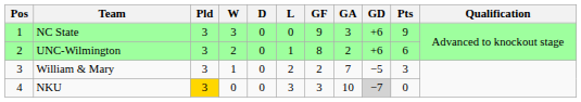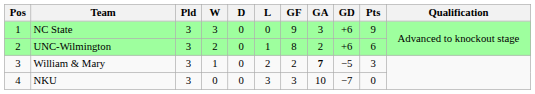 <table class="wikitable" style="text-align:center; margin: 1em auto">
 <tr>
 <th style="width:2em">Pos</th>
 <th style="width:13em">Team</th>
 <th style="width:2em">Pld</th>
 <th style="width:2em">W</th>
 <th style="width:2em">D</th>
 <th style="width:2em">L</th>
 <th style="width:2em">GF</th>
 <th style="width:2em">GA</th>
 <th style="width:2em">GD</th>
 <th style="width:2em">Pts</th>
 <th style="width:13em">Qualification</th>
 </tr>
 <tr bgcolor="#9eff9e">
 <td>1</td>
 <td style="text-align:left">NC State</td>
 <td>3</td>
 <td>3</td>
 <td>0</td>
 <td>0</td>
 <td>9</td>
 <td>3</td>
 <td>+6</td>
 <td>9</td>
 <td rowspan="2">Advanced to knockout stage</td>
 </tr>
 <tr bgcolor="#9eff9e">
 <td>2</td>
 <td style="text-align:left">UNC-Wilmington</td>
 <td>3</td>
 <td>2</td>
 <td>0</td>
 <td>1</td>
 <td>8</td>
 <td>2</td>
 <td>+6</td>
 <td>6</td>
 </tr>
 <tr>
 <td>3</td>
 <td style="text-align:left">William & Mary</td>
 <td>3</td>
 <td>1</td>
 <td>0</td>
 <td>2</td>
 <td>2</td>
-<td>7</td>
+<td><strong>7</strong></td>
 <td>−5</td>
 <td>3</td>
 <td rowspan="2"></td>
 </tr>
 <tr>
 <td>4</td>
 <td style="text-align:left">NKU</td>
-<td style="background: gold;">3</td>
+<td>3</td>
 <td>0</td>
 <td>0</td>
 <td>3</td>
 <td>3</td>
 <td>10</td>
-<td style="background: lightgrey;">−7</td>
+<td>−7</td>
 <td>0</td>
 </tr>
 </table>
